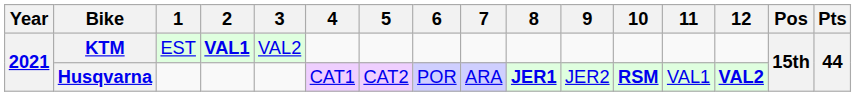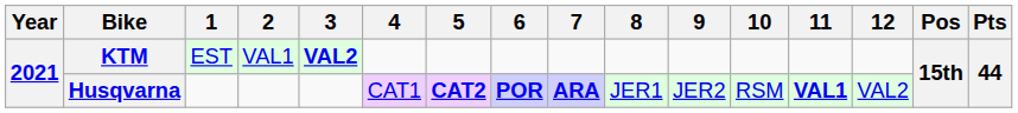 <table class="wikitable" style="text-align:center;">
 <tr>
 <th>Year</th>
 <th>Bike</th>
 <th>1</th>
 <th>2</th>
 <th>3</th>
 <th>4</th>
 <th>5</th>
 <th>6</th>
 <th>7</th>
 <th>8</th>
 <th>9</th>
 <th>10</th>
 <th>11</th>
 <th>12</th>
 <th>Pos</th>
 <th>Pts</th>
 </tr>
 <tr>
 <th rowspan="2"><a href='#'>2021</a></th>
 <th><a href='#'>KTM</a></th>
 <td style="background:#dfffdf;"><a href='#'>EST</a><br></td>
-<td style="background:#dfffdf;"><strong><a href='#'>VAL1</a><br></strong></td>
-<td style="background:#dfffdf;"><a href='#'>VAL2</a><br></td>
+<td style="background:#dfffdf;"><a href='#'>VAL1</a><br></td>
+<td style="background:#dfffdf;"><strong><a href='#'>VAL2</a><br></strong></td>
 <td></td>
 <td></td>
 <td></td>
 <td></td>
 <td></td>
 <td></td>
 <td></td>
 <td></td>
 <td></td>
 <th rowspan="2">15th</th>
 <th rowspan="2">44</th>
 </tr>
 <tr>
 <th><a href='#'>Husqvarna</a></th>
 <td></td>
 <td></td>
 <td></td>
 <td style="background:#efcfff;"><a href='#'>CAT1</a><br></td>
-<td style="background:#efcfff;"><a href='#'>CAT2</a><br></td>
-<td style="background:#cfcfff;"><a href='#'>POR</a><br></td>
-<td style="background:#cfcfff;"><a href='#'>ARA</a><br></td>
-<td style="background:#dfffdf;"><strong><a href='#'>JER1</a><br></strong></td>
+<td style="background:#efcfff;"><strong><a href='#'>CAT2</a><br></strong></td>
+<td style="background:#cfcfff;"><strong><a href='#'>POR</a><br></strong></td>
+<td style="background:#cfcfff;"><strong><a href='#'>ARA</a><br></strong></td>
+<td style="background:#dfffdf;"><a href='#'>JER1</a><br></td>
 <td style="background:#dfffdf;"><a href='#'>JER2</a><br></td>
-<td style="background:#dfffdf;"><strong><a href='#'>RSM</a><br></strong></td>
-<td style="background:#dfffdf;"><a href='#'>VAL1</a><br></td>
-<td style="background:#dfffdf;"><strong><a href='#'>VAL2</a><br></strong></td>
+<td style="background:#dfffdf;"><a href='#'>RSM</a><br></td>
+<td style="background:#dfffdf;"><strong><a href='#'>VAL1</a><br></strong></td>
+<td style="background:#dfffdf;"><a href='#'>VAL2</a><br></td>
 </tr>
 </table>
